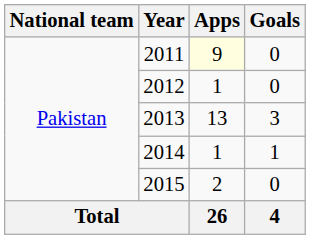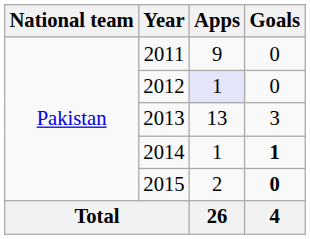 <table class="wikitable" style="text-align:center">
 <tr>
 <th>National team</th>
 <th>Year</th>
 <th>Apps</th>
 <th>Goals</th>
 </tr>
 <tr>
 <td rowspan="5"><a href='#'>Pakistan</a></td>
 <td>2011</td>
-<td style="background: lightyellow;">9</td>
+<td>9</td>
 <td>0</td>
 </tr>
 <tr>
 <td>2012</td>
-<td>1</td>
+<td style="background: lavender;">1</td>
 <td>0</td>
 </tr>
 <tr>
 <td>2013</td>
 <td>13</td>
 <td>3</td>
 </tr>
 <tr>
 <td>2014</td>
 <td>1</td>
-<td>1</td>
+<td><strong>1</strong></td>
 </tr>
 <tr>
 <td>2015</td>
 <td>2</td>
-<td>0</td>
+<td><strong>0</strong></td>
 </tr>
 <tr>
 <th colspan=2>Total</th>
 <th>26</th>
 <th>4</th>
 </tr>
 </table>
